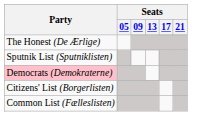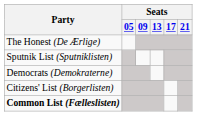 <table class="wikitable">
 <tr>
 <th rowspan=2>Party</th>
 <th colspan=11>Seats</th>
 </tr>
 <tr>
 <th><a href='#'>05</a></th>
 <th><a href='#'>09</a></th>
 <th><a href='#'>13</a></th>
 <th><a href='#'>17</a></th>
 <th><a href='#'>21</a></th>
 </tr>
 <tr>
 <td>The Honest <em>(De Ærlige)</em></td>
 <td></td>
 <td style="background:#CDC9C9;" colspan=4></td>
 </tr>
 <tr>
 <td>Sputnik List <em>(Sputniklisten)</em></td>
 <td style="background:#CDC9C9;"></td>
 <td></td>
 <td></td>
 <td style="background:#CDC9C9;" colspan=2></td>
 </tr>
 <tr>
-<td style="background: pink;">Democrats <em>(Demokraterne)</em></td>
+<td>Democrats <em>(Demokraterne)</em></td>
 <td style="background:#CDC9C9;" colspan=2></td>
 <td></td>
 <td style="background:#CDC9C9;" colspan=2></td>
 </tr>
 <tr>
 <td>Citizens' List <em>(Borgerlisten)</em></td>
 <td style="background:#CDC9C9;" colspan=3></td>
 <td></td>
 <td style="background:#CDC9C9;"></td>
 </tr>
 <tr>
-<td>Common List <em>(Fælleslisten)</em></td>
+<td><strong>Common List <em>(Fælleslisten)</em></strong></td>
 <td style="background:#CDC9C9;" colspan=3></td>
 <td></td>
 <td style="background:#CDC9C9;"></td>
 </tr>
 </table>
